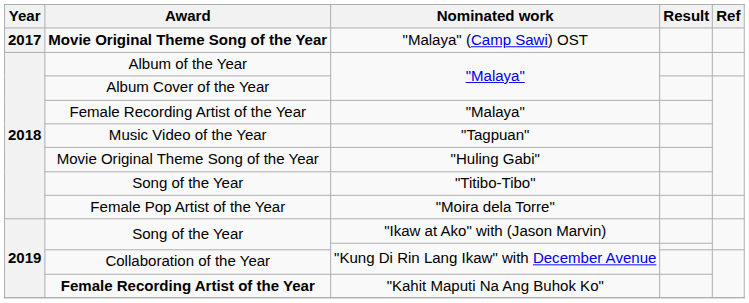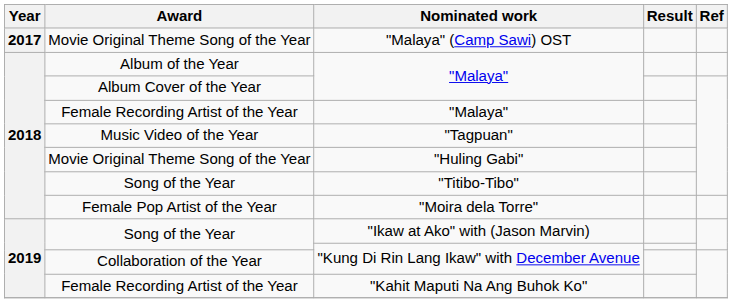 <table class="wikitable sortable" style=text-align:center>
 <tr>
 <th>Year</th>
 <th>Award</th>
 <th>Nominated work</th>
 <th>Result</th>
 <th>Ref</th>
 </tr>
 <tr>
 <th>2017</th>
-<td><strong>Movie Original Theme Song of the Year</strong></td>
+<td>Movie Original Theme Song of the Year</td>
 <td align=center>"Malaya" (<a href='#'>Camp Sawi</a>) OST</td>
 <td></td>
 <td></td>
 </tr>
 <tr>
 <th rowspan="7">2018</th>
 <td>Album of the Year</td>
 <td align=center rowspan="2"><a href='#'>"Malaya"</a></td>
 <td></td>
 <td></td>
 </tr>
 <tr>
 <td>Album Cover of the Year</td>
 <td></td>
 <td rowspan="5"></td>
 </tr>
 <tr>
 <td>Female Recording Artist of the Year</td>
 <td align=center>"Malaya"</td>
 <td></td>
 </tr>
 <tr>
 <td>Music Video of the Year</td>
 <td align=center>"Tagpuan"</td>
 <td></td>
 </tr>
 <tr>
 <td>Movie Original Theme Song of the Year</td>
 <td align=center>"Huling Gabi"</td>
 <td></td>
 </tr>
 <tr>
 <td>Song of the Year</td>
 <td align=center>"Titibo-Tibo"</td>
 <td></td>
 </tr>
 <tr>
 <td>Female Pop Artist of the Year</td>
 <td align=center>"Moira dela Torre"</td>
 <td></td>
 <td></td>
 </tr>
 <tr>
 <th rowspan="4">2019</th>
 <td rowspan="2">Song of the Year</td>
 <td align=center>"Ikaw at Ako" with (Jason Marvin)</td>
 <td></td>
 <td rowspan="2"></td>
 </tr>
 <tr>
 <td align=center rowspan="2">"Kung Di Rin Lang Ikaw" with <a href='#'>December Avenue</a></td>
 <td></td>
 </tr>
 <tr>
 <td>Collaboration of the Year</td>
 <td></td>
 <td rowspan="2"></td>
 </tr>
 <tr>
-<td><strong>Female Recording Artist of the Year</strong></td>
+<td>Female Recording Artist of the Year</td>
 <td align=center>"Kahit Maputi Na Ang Buhok Ko"</td>
 <td></td>
 </tr>
 <tr>
 </tr>
 </table>
